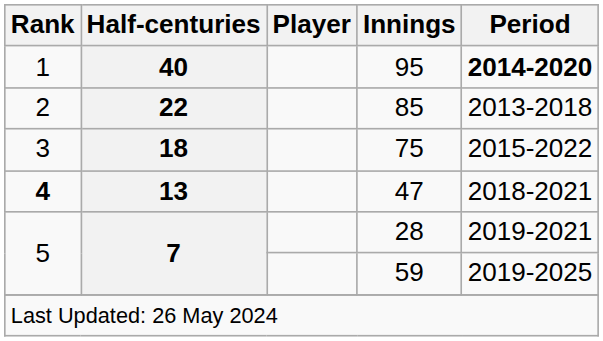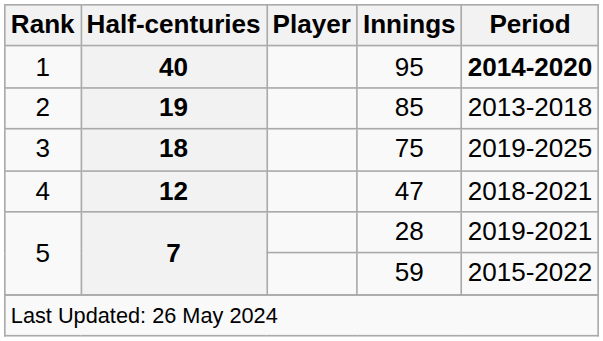 <table class="wikitable">
 <tr>
 <th style="text-align:center;">Rank</th>
 <th style="text-align:center;">Half-centuries</th>
 <th style="text-align:center;">Player</th>
 <th style="text-align:center;">Innings</th>
 <th style="text-align:center;">Period</th>
 </tr>
 <tr>
 <td align=center>1</td>
 <th scope=row style=text-align:center;>40</th>
 <td></td>
 <td align=center>95</td>
 <td><strong>2014-2020</strong></td>
 </tr>
 <tr>
 <td align=center>2</td>
-<th scope=row style=text-align:center;>22</th>
+<th scope=row style=text-align:center;>19</th>
 <td></td>
 <td align=center>85</td>
 <td>2013-2018</td>
 </tr>
 <tr>
 <td align=center>3</td>
 <th scope=row style=text-align:center;>18</th>
 <td></td>
 <td align=center>75</td>
-<td>2015-2022</td>
+<td>2019-2025</td>
 </tr>
 <tr>
-<td align=center><strong>4</strong></td>
-<th scope=row style=text-align:center;>13</th>
+<td align=center>4</td>
+<th scope=row style=text-align:center;>12</th>
 <td></td>
 <td align=center>47</td>
 <td>2018-2021</td>
 </tr>
 <tr>
 <td align=center rowspan=2>5</td>
 <th scope=row style=text-align:center; rowspan=2>7</th>
 <td></td>
 <td align=center>28</td>
 <td>2019-2021</td>
 </tr>
 <tr>
 <td></td>
 <td align=center>59</td>
-<td>2019-2025</td>
+<td>2015-2022</td>
 </tr>
 <tr>
 </tr>
 <tr class=sortbottom>
 <td colspan=6><small>Last Updated: 26 May 2024</small></td>
 </tr>
 </table>
